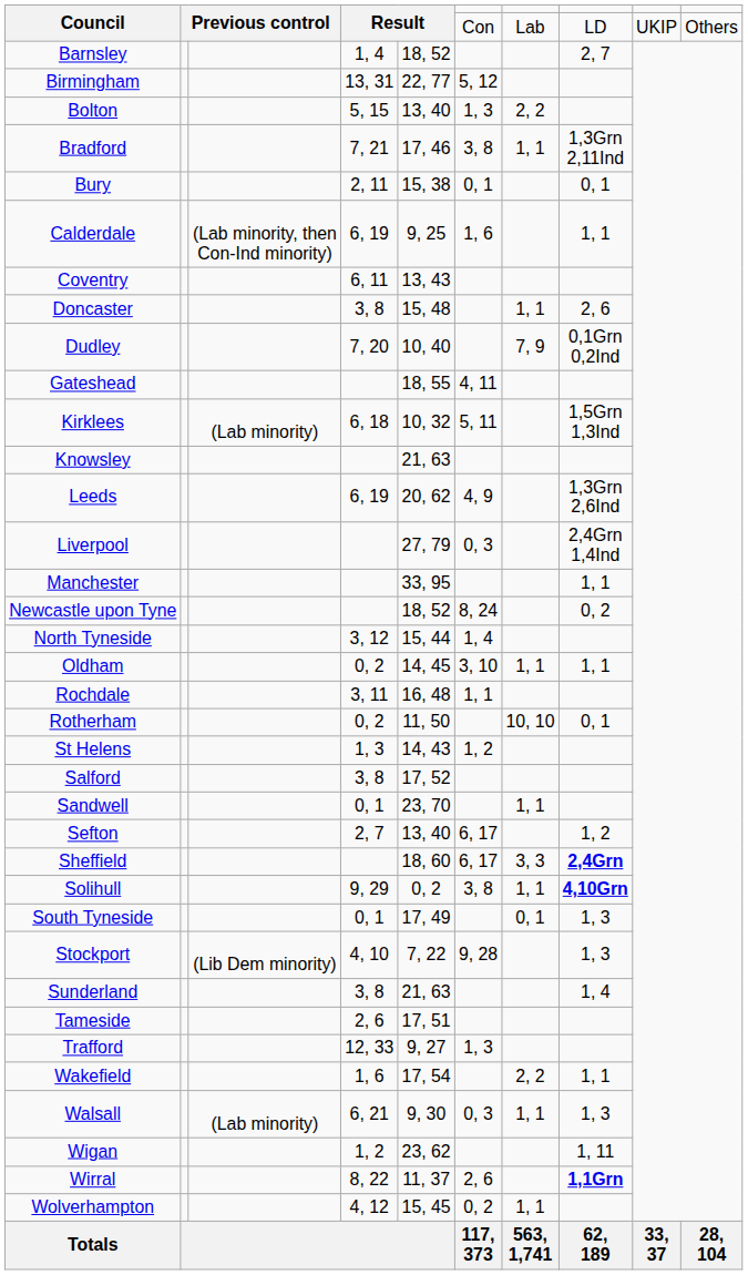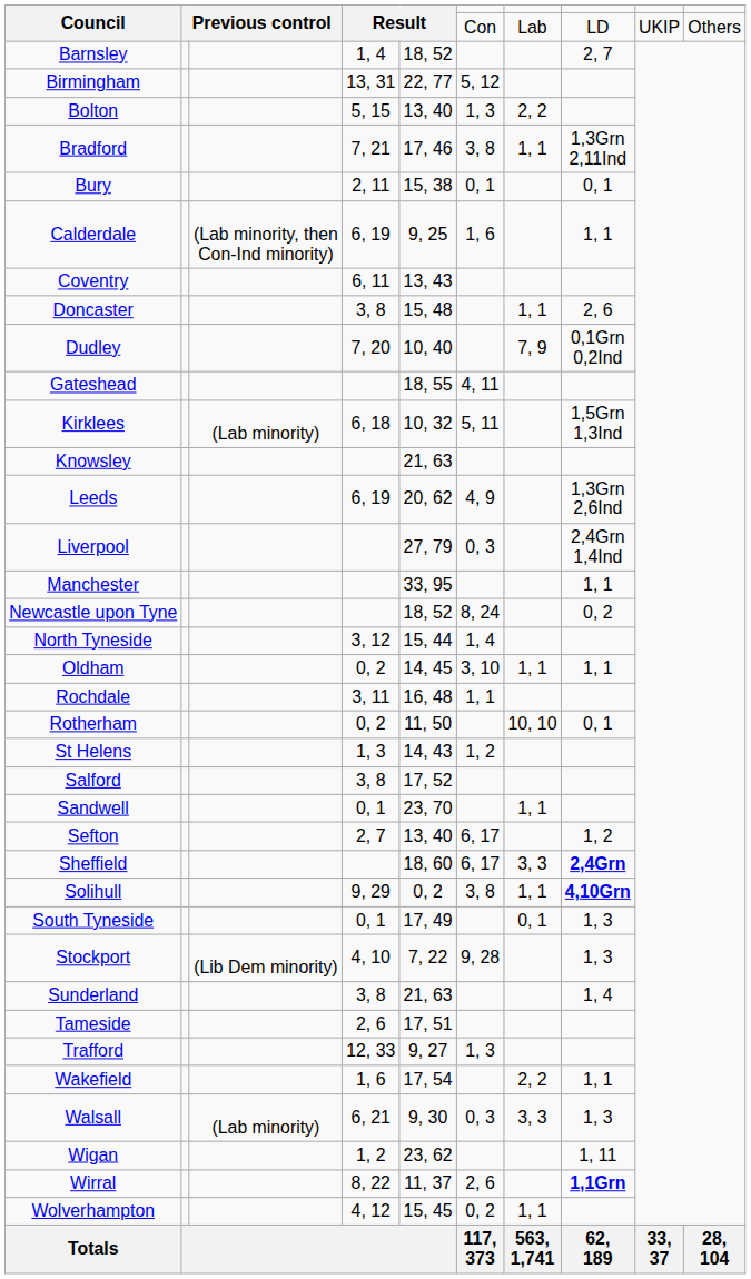 <table class="wikitable sortable"  style="text-align:center">
 <tr>
 <th rowspan="2">Council</th>
 <th colspan="2" rowspan="2">Previous control</th>
 <th colspan="2" rowspan="2">Result</th>
 <td></td>
 <td></td>
 <td></td>
 <td></td>
 <td></td>
 </tr>
 <tr>
 <td>Con</td>
 <td>Lab</td>
 <td>LD</td>
 <td>UKIP</td>
 <td>Others</td>
 </tr>
 <tr>
 <td><a href='#'>Barnsley</a></td>
 <td></td>
 <td></td>
 <td>1, 4</td>
 <td>18, 52</td>
 <td></td>
 <td></td>
 <td>2, 7</td>
 </tr>
 <tr>
 <td><a href='#'>Birmingham</a></td>
 <td></td>
 <td></td>
 <td>13, 31</td>
 <td>22, 77</td>
 <td>5, 12</td>
 <td></td>
 <td></td>
 </tr>
 <tr>
 <td><a href='#'>Bolton</a></td>
 <td></td>
 <td></td>
 <td>5, 15</td>
 <td>13, 40</td>
 <td>1, 3</td>
 <td>2, 2</td>
 <td></td>
 </tr>
 <tr>
 <td><a href='#'>Bradford</a></td>
 <td></td>
 <td></td>
 <td>7, 21</td>
 <td>17, 46</td>
 <td>3, 8</td>
 <td>1, 1</td>
 <td>1,3Grn<br>2,11Ind</td>
 </tr>
 <tr>
 <td><a href='#'>Bury</a></td>
 <td></td>
 <td></td>
 <td>2, 11</td>
 <td>15, 38</td>
 <td>0, 1</td>
 <td></td>
 <td>0, 1</td>
 </tr>
 <tr>
 <td><a href='#'>Calderdale</a></td>
 <td></td>
 <td> <br> (Lab minority, then<br>Con-Ind minority)</td>
 <td>6, 19</td>
 <td>9, 25</td>
 <td>1, 6</td>
 <td></td>
 <td>1, 1</td>
 </tr>
 <tr>
 <td><a href='#'>Coventry</a></td>
 <td></td>
 <td></td>
 <td>6, 11</td>
 <td>13, 43</td>
 <td></td>
 <td></td>
 <td></td>
 </tr>
 <tr>
 <td><a href='#'>Doncaster</a></td>
 <td></td>
 <td></td>
 <td>3, 8</td>
 <td>15, 48</td>
 <td></td>
 <td>1, 1</td>
 <td>2, 6</td>
 </tr>
 <tr>
 <td><a href='#'>Dudley</a></td>
 <td></td>
 <td></td>
 <td>7, 20</td>
 <td>10, 40</td>
 <td></td>
 <td>7, 9</td>
 <td>0,1Grn<br>0,2Ind</td>
 </tr>
 <tr>
 <td><a href='#'>Gateshead</a></td>
 <td></td>
 <td></td>
 <td></td>
 <td>18, 55</td>
 <td>4, 11</td>
 <td></td>
 <td></td>
 </tr>
 <tr>
 <td><a href='#'>Kirklees</a></td>
 <td></td>
 <td> <br> (Lab minority)</td>
 <td>6, 18</td>
 <td>10, 32</td>
 <td>5, 11</td>
 <td></td>
 <td>1,5Grn<br>1,3Ind</td>
 </tr>
 <tr>
 <td><a href='#'>Knowsley</a></td>
 <td></td>
 <td></td>
 <td></td>
 <td>21, 63</td>
 <td></td>
 <td></td>
 <td></td>
 </tr>
 <tr>
 <td><a href='#'>Leeds</a></td>
 <td></td>
 <td></td>
 <td>6, 19</td>
 <td>20, 62</td>
 <td>4, 9</td>
 <td></td>
 <td>1,3Grn<br>2,6Ind</td>
 </tr>
 <tr>
 <td><a href='#'>Liverpool</a></td>
 <td></td>
 <td></td>
 <td></td>
 <td>27, 79</td>
 <td>0, 3</td>
 <td></td>
 <td>2,4Grn<br>1,4Ind</td>
 </tr>
 <tr>
 <td><a href='#'>Manchester</a></td>
 <td></td>
 <td></td>
 <td></td>
 <td>33, 95</td>
 <td></td>
 <td></td>
 <td>1, 1</td>
 </tr>
 <tr>
 <td><a href='#'>Newcastle upon Tyne</a></td>
 <td></td>
 <td></td>
 <td></td>
 <td>18, 52</td>
 <td>8, 24</td>
 <td></td>
 <td>0, 2</td>
 </tr>
 <tr>
 <td><a href='#'>North Tyneside</a></td>
 <td></td>
 <td></td>
 <td>3, 12</td>
 <td>15, 44</td>
 <td>1, 4</td>
 <td></td>
 <td></td>
 </tr>
 <tr>
 <td><a href='#'>Oldham</a></td>
 <td></td>
 <td></td>
 <td>0, 2</td>
 <td>14, 45</td>
 <td>3, 10</td>
 <td>1, 1</td>
 <td>1, 1</td>
 </tr>
 <tr>
 <td><a href='#'>Rochdale</a></td>
 <td></td>
 <td></td>
 <td>3, 11</td>
 <td>16, 48</td>
 <td>1, 1</td>
 <td></td>
 <td></td>
 </tr>
 <tr>
 <td><a href='#'>Rotherham</a></td>
 <td></td>
 <td></td>
 <td>0, 2</td>
 <td>11, 50</td>
 <td></td>
 <td>10, 10</td>
 <td>0, 1</td>
 </tr>
 <tr>
 <td><a href='#'>St Helens</a></td>
 <td></td>
 <td></td>
 <td>1, 3</td>
 <td>14, 43</td>
 <td>1, 2</td>
 <td></td>
 <td></td>
 </tr>
 <tr>
 <td><a href='#'>Salford</a></td>
 <td></td>
 <td></td>
 <td>3, 8</td>
 <td>17, 52</td>
 <td></td>
 <td></td>
 <td></td>
 </tr>
 <tr>
 <td><a href='#'>Sandwell</a></td>
 <td></td>
 <td></td>
 <td>0, 1</td>
 <td>23, 70</td>
 <td></td>
 <td>1, 1</td>
 <td></td>
 </tr>
 <tr>
 <td><a href='#'>Sefton</a></td>
 <td></td>
 <td></td>
 <td>2, 7</td>
 <td>13, 40</td>
 <td>6, 17</td>
 <td></td>
 <td>1, 2</td>
 </tr>
 <tr>
 <td><a href='#'>Sheffield</a></td>
 <td></td>
 <td></td>
 <td></td>
 <td>18, 60</td>
 <td>6, 17</td>
 <td>3, 3</td>
 <td style="background:"><strong><a href='#'>2,4Grn</a></strong></td>
 </tr>
 <tr>
 <td><a href='#'>Solihull</a></td>
 <td></td>
 <td></td>
 <td>9, 29</td>
 <td>0, 2</td>
 <td>3, 8</td>
 <td>1, 1</td>
 <td style="background:"><strong><a href='#'>4,10Grn</a></strong></td>
 </tr>
 <tr>
 <td><a href='#'>South Tyneside</a></td>
 <td></td>
 <td></td>
 <td>0, 1</td>
 <td>17, 49</td>
 <td></td>
 <td>0, 1</td>
 <td>1, 3</td>
 </tr>
 <tr>
 <td><a href='#'>Stockport</a></td>
 <td></td>
 <td> <br> (Lib Dem minority)</td>
 <td>4, 10</td>
 <td>7, 22</td>
 <td>9, 28</td>
 <td></td>
 <td>1, 3</td>
 </tr>
 <tr>
 <td><a href='#'>Sunderland</a></td>
 <td></td>
 <td></td>
 <td>3, 8</td>
 <td>21, 63</td>
 <td></td>
 <td></td>
 <td>1, 4</td>
 </tr>
 <tr>
 <td><a href='#'>Tameside</a></td>
 <td></td>
 <td></td>
 <td>2, 6</td>
 <td>17, 51</td>
 <td></td>
 <td></td>
 <td></td>
 </tr>
 <tr>
 <td><a href='#'>Trafford</a></td>
 <td></td>
 <td></td>
 <td>12, 33</td>
 <td>9, 27</td>
 <td>1, 3</td>
 <td></td>
 <td></td>
 </tr>
 <tr>
 <td><a href='#'>Wakefield</a></td>
 <td></td>
 <td></td>
 <td>1, 6</td>
 <td>17, 54</td>
 <td></td>
 <td>2, 2</td>
 <td>1, 1</td>
 </tr>
 <tr>
 <td><a href='#'>Walsall</a></td>
 <td></td>
 <td> <br> (Lab minority)</td>
 <td>6, 21</td>
 <td>9, 30</td>
 <td>0, 3</td>
-<td>1, 1</td>
+<td>3, 3</td>
 <td>1, 3</td>
 </tr>
 <tr>
 <td><a href='#'>Wigan</a></td>
 <td></td>
 <td></td>
 <td>1, 2</td>
 <td>23, 62</td>
 <td></td>
 <td></td>
 <td>1, 11</td>
 </tr>
 <tr>
 <td><a href='#'>Wirral</a></td>
 <td></td>
 <td></td>
 <td>8, 22</td>
 <td>11, 37</td>
 <td>2, 6</td>
 <td></td>
 <td style="background:"><strong><a href='#'>1,1Grn</a></strong></td>
 </tr>
 <tr>
 <td><a href='#'>Wolverhampton</a></td>
 <td></td>
 <td></td>
 <td>4, 12</td>
 <td>15, 45</td>
 <td>0, 2</td>
 <td>1, 1</td>
 <td></td>
 </tr>
 <tr>
 <th>Totals</th>
 <th colspan=4></th>
 <th>117,<br> 373</th>
 <th>563,<br> 1,741</th>
 <th>62,<br> 189</th>
 <th>33,<br> 37</th>
 <th>28,<br> 104</th>
 </tr>
 </table>
